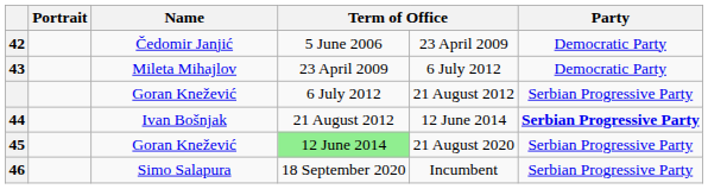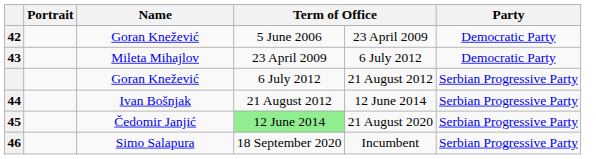 <table class="wikitable" style="text-align:center">
 <tr>
 <th></th>
 <th>Portrait</th>
 <th width=180>Name<br></th>
 <th colspan=2>Term of Office</th>
 <th>Party</th>
 </tr>
 <tr>
 <th style="background:">42</th>
 <td></td>
-<td><a href='#'>Čedomir Janjić</a><br></td>
+<td><a href='#'>Goran Knežević</a><br></td>
 <td>5 June 2006</td>
 <td>23 April 2009</td>
 <td><a href='#'>Democratic Party</a></td>
 </tr>
 <tr>
 <th style="background:">43</th>
 <td></td>
 <td><a href='#'>Mileta Mihajlov</a><br></td>
 <td>23 April 2009</td>
 <td>6 July 2012</td>
 <td><a href='#'>Democratic Party</a></td>
 </tr>
 <tr>
 <th style="background:"></th>
 <td></td>
 <td><a href='#'>Goran Knežević</a><br></td>
 <td>6 July 2012</td>
 <td>21 August 2012</td>
 <td><a href='#'>Serbian Progressive Party</a></td>
 </tr>
 <tr>
 <th style="background:">44</th>
 <td></td>
 <td><a href='#'>Ivan Bošnjak</a><br></td>
 <td>21 August 2012</td>
 <td>12 June 2014</td>
-<td><strong><a href='#'>Serbian Progressive Party</a></strong></td>
+<td><a href='#'>Serbian Progressive Party</a></td>
 </tr>
 <tr>
 <th style="background:">45</th>
 <td></td>
-<td><a href='#'>Goran Knežević</a><br></td>
+<td><a href='#'>Čedomir Janjić</a><br></td>
 <td style="background: lightgreen;">12 June 2014</td>
 <td>21 August 2020</td>
 <td><a href='#'>Serbian Progressive Party</a></td>
 </tr>
 <tr>
 <th style="background:">46</th>
 <td></td>
 <td><a href='#'>Simo Salapura</a><br></td>
 <td>18 September 2020</td>
 <td>Incumbent</td>
 <td><a href='#'>Serbian Progressive Party</a></td>
 </tr>
 </table>
